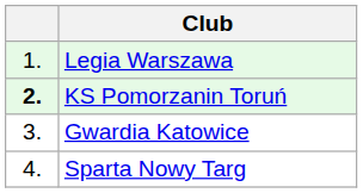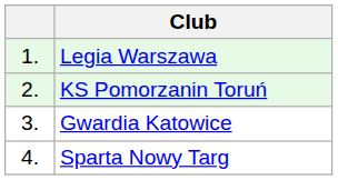 <table class="wikitable">
 <tr>
 <th width="30"></th>
 <th width="200">Club</th>
 </tr>
 <tr bgcolor="#e6fae6" align="center">
 <td>1.</td>
 <td align="left"><a href='#'>Legia Warszawa</a></td>
 </tr>
 <tr bgcolor="#e6fae6" align="center">
-<td><strong>2.</strong></td>
+<td>2.</td>
 <td align="left"><a href='#'>KS Pomorzanin Toruń</a></td>
 </tr>
 <tr bgcolor="#FFFFFF" align="center">
 <td>3.</td>
 <td align="left"><a href='#'>Gwardia Katowice</a></td>
 </tr>
 <tr bgcolor="#FFFFFF" align="center">
 <td>4.</td>
 <td align="left"><a href='#'>Sparta Nowy Targ</a></td>
 </tr>
 </table>
